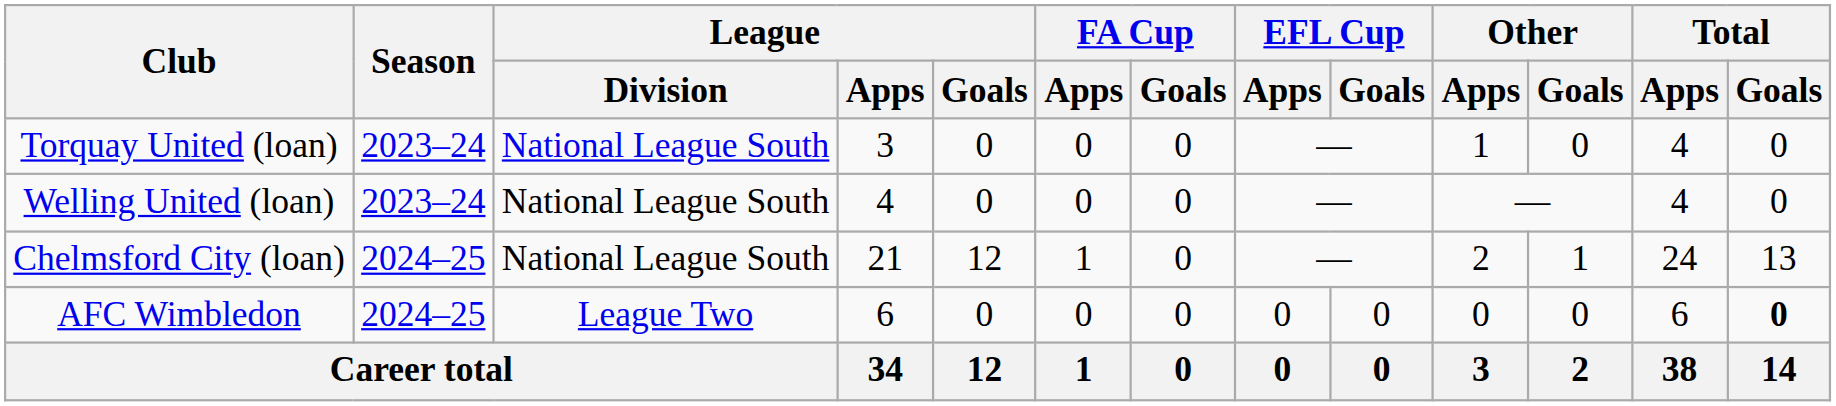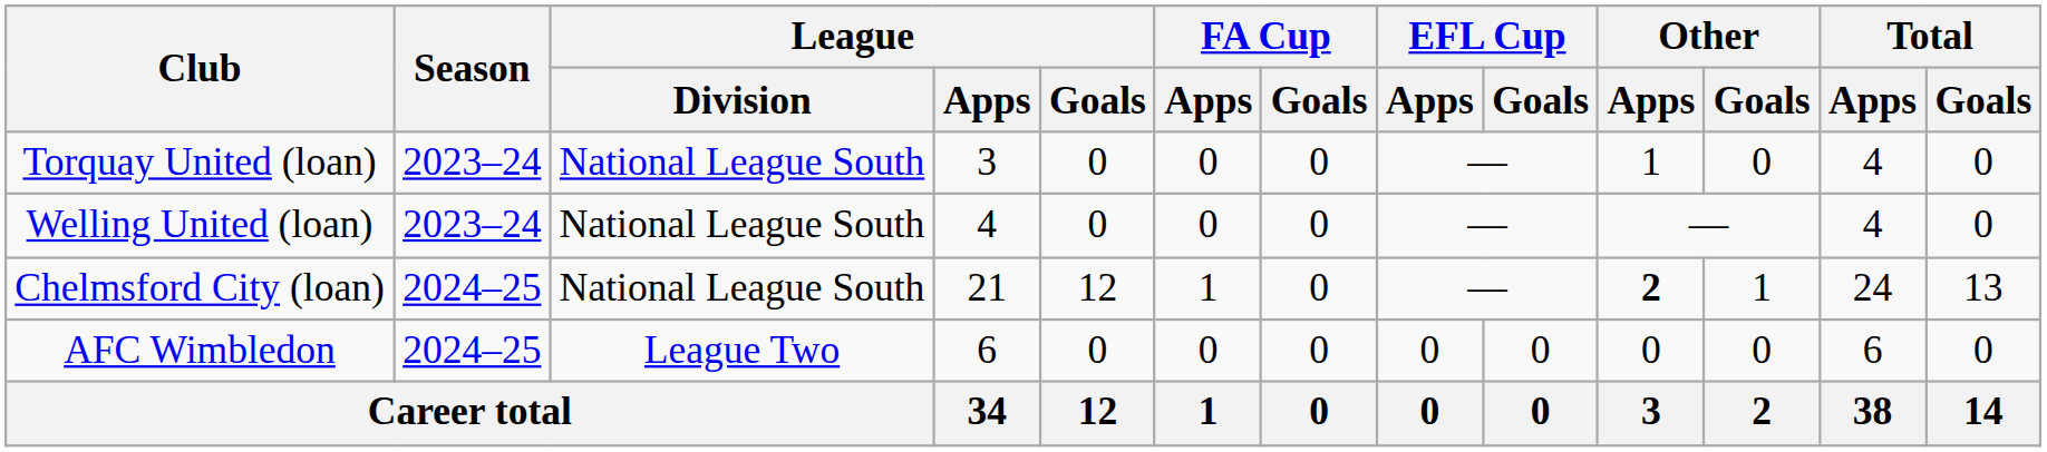 <table class=wikitable style=text-align:center>
 <tr>
 <th rowspan=2>Club</th>
 <th rowspan=2>Season</th>
 <th colspan=3>League</th>
 <th colspan=2><a href='#'>FA Cup</a></th>
 <th colspan=2><a href='#'>EFL Cup</a></th>
 <th colspan=2>Other</th>
 <th colspan=2>Total</th>
 </tr>
 <tr>
 <th>Division</th>
 <th>Apps</th>
 <th>Goals</th>
 <th>Apps</th>
 <th>Goals</th>
 <th>Apps</th>
 <th>Goals</th>
 <th>Apps</th>
 <th>Goals</th>
 <th>Apps</th>
 <th>Goals</th>
 </tr>
 <tr>
 <td><a href='#'>Torquay United</a> (loan)</td>
 <td><a href='#'>2023–24</a></td>
 <td><a href='#'>National League South</a></td>
 <td>3</td>
 <td>0</td>
 <td>0</td>
 <td>0</td>
 <td colspan=2>—</td>
 <td 0>1</td>
 <td 0>0</td>
 <td>4</td>
 <td>0</td>
 </tr>
 <tr>
 <td><a href='#'>Welling United</a> (loan)</td>
 <td><a href='#'>2023–24</a></td>
 <td>National League South</td>
 <td>4</td>
 <td>0</td>
 <td>0</td>
 <td>0</td>
 <td colspan=2>—</td>
 <td colspan=2>—</td>
 <td>4</td>
 <td>0</td>
 </tr>
 <tr>
 <td><a href='#'>Chelmsford City</a> (loan)</td>
 <td><a href='#'>2024–25</a></td>
 <td>National League South</td>
 <td>21</td>
 <td>12</td>
 <td>1</td>
 <td>0</td>
 <td colspan=2>—</td>
-<td>2</td>
+<td><strong>2</strong></td>
 <td>1</td>
 <td>24</td>
 <td>13</td>
 </tr>
 <tr>
 <td><a href='#'>AFC Wimbledon</a></td>
 <td><a href='#'>2024–25</a></td>
 <td><a href='#'>League Two</a></td>
 <td>6</td>
 <td>0</td>
 <td>0</td>
 <td>0</td>
 <td>0</td>
 <td>0</td>
 <td>0</td>
 <td>0</td>
 <td>6</td>
-<td><strong>0</strong></td>
+<td>0</td>
 </tr>
 <tr>
 <th colspan=3>Career total</th>
 <th>34</th>
 <th>12</th>
 <th>1</th>
 <th>0</th>
 <th>0</th>
 <th>0</th>
 <th>3</th>
 <th>2</th>
 <th>38</th>
 <th>14</th>
 </tr>
 </table>
